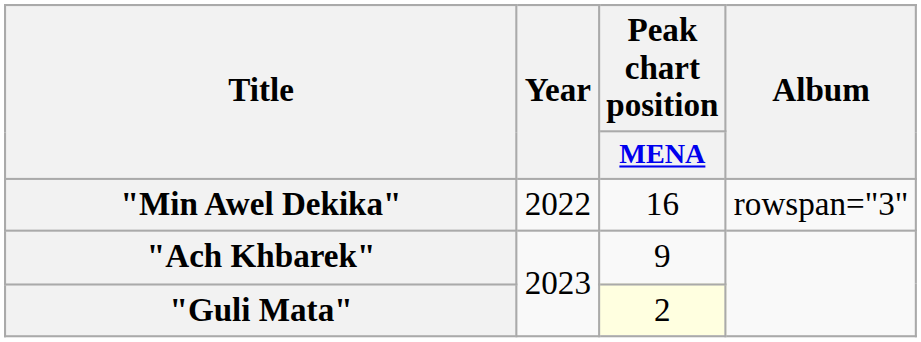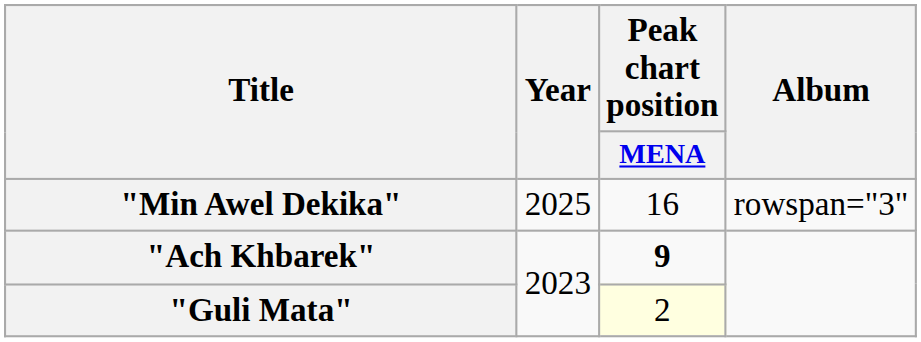 <table class="wikitable plainrowheaders" style="text-align:center;">
 <tr>
 <th scope="col" rowspan="2" style="width:15em;">Title</th>
 <th scope="col" rowspan="2" style="width:1em;">Year</th>
 <th>Peak chart position</th>
 <th scope="col" rowspan="2">Album</th>
 </tr>
 <tr>
 <th scope="col" style="width:3em;font-size:85%;"><a href='#'>MENA</a><br></th>
 </tr>
 <tr>
 <th scope="row">"Min Awel Dekika"<br></th>
-<td>2022</td>
+<td>2025</td>
 <td>16</td>
 <td>rowspan="3" </td>
 </tr>
 <tr>
 <th scope="row">"Ach Khbarek"</th>
 <td rowspan="2">2023</td>
-<td>9</td>
+<td><strong>9</strong></td>
 </tr>
 <tr>
 <th scope="row">"Guli Mata"<br></th>
 <td style="background: lightyellow;">2</td>
 </tr>
 </table>
